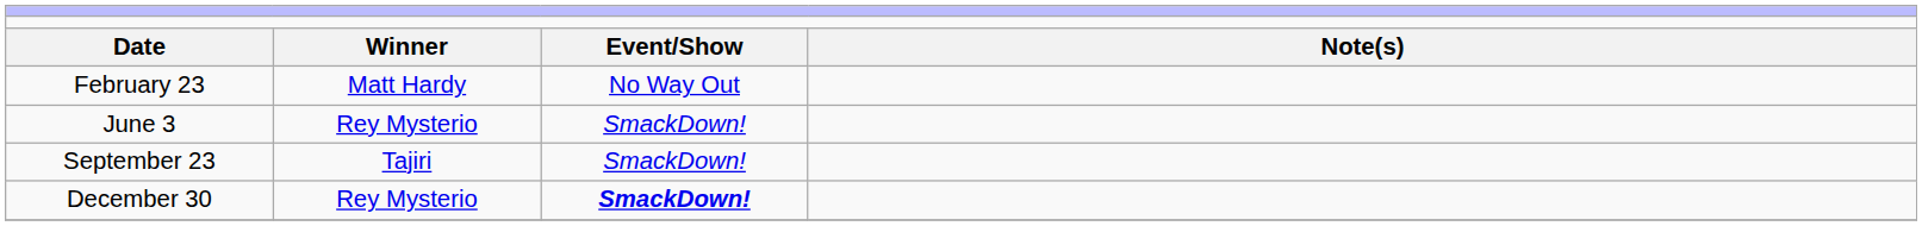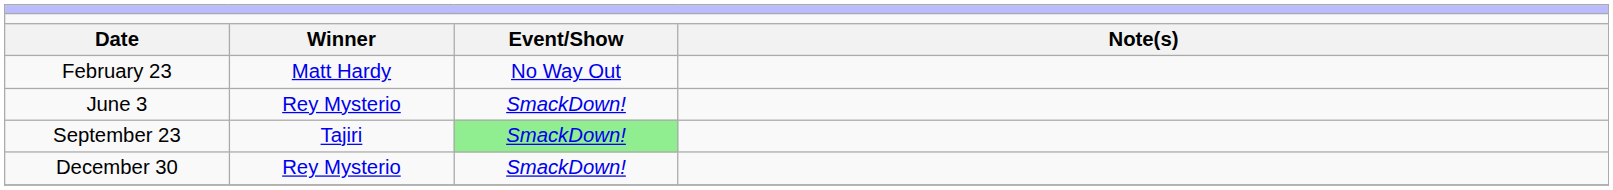 <table class="wikitable" style="text-align:center; width:100%;">
 <tr style="background:#BBF;">
 <td colspan="5"></td>
 </tr>
 <tr>
 <td colspan="5"><strong></strong></td>
 </tr>
 <tr>
 <th width=14%>Date</th>
 <th width=14%>Winner</th>
 <th width=14%>Event/Show</th>
 <th width=58%>Note(s)</th>
 </tr>
 <tr>
 <td>February 23</td>
 <td><a href='#'>Matt Hardy</a></td>
 <td><a href='#'>No Way Out</a></td>
 <td></td>
 </tr>
 <tr>
 <td>June 3<br></td>
 <td><a href='#'>Rey Mysterio</a></td>
 <td><em><a href='#'>SmackDown!</a></em></td>
 <td></td>
 </tr>
 <tr>
 <td>September 23<br></td>
 <td><a href='#'>Tajiri</a></td>
-<td><em><a href='#'>SmackDown!</a></em></td>
+<td style="background: lightgreen;"><em><a href='#'>SmackDown!</a></em></td>
 <td></td>
 </tr>
 <tr>
 <td>December 30<br></td>
 <td><a href='#'>Rey Mysterio</a></td>
-<td><strong><em><a href='#'>SmackDown!</a></em></strong></td>
+<td><em><a href='#'>SmackDown!</a></em></td>
 <td></td>
 </tr>
 <tr>
 </tr>
 </table>
